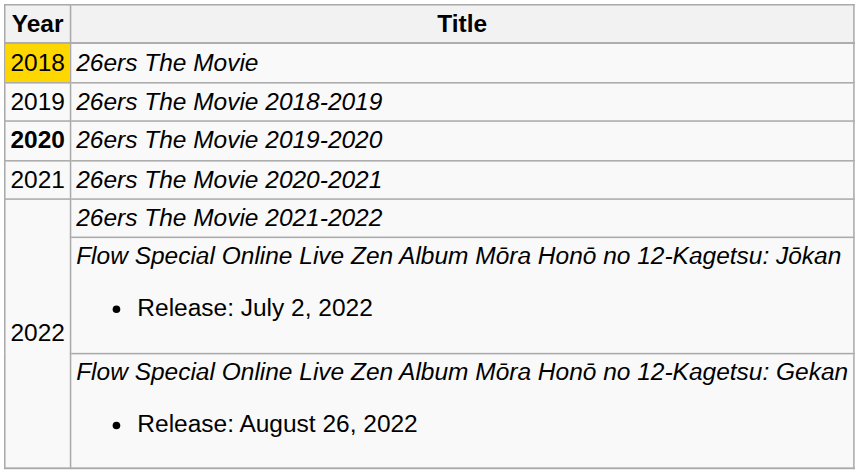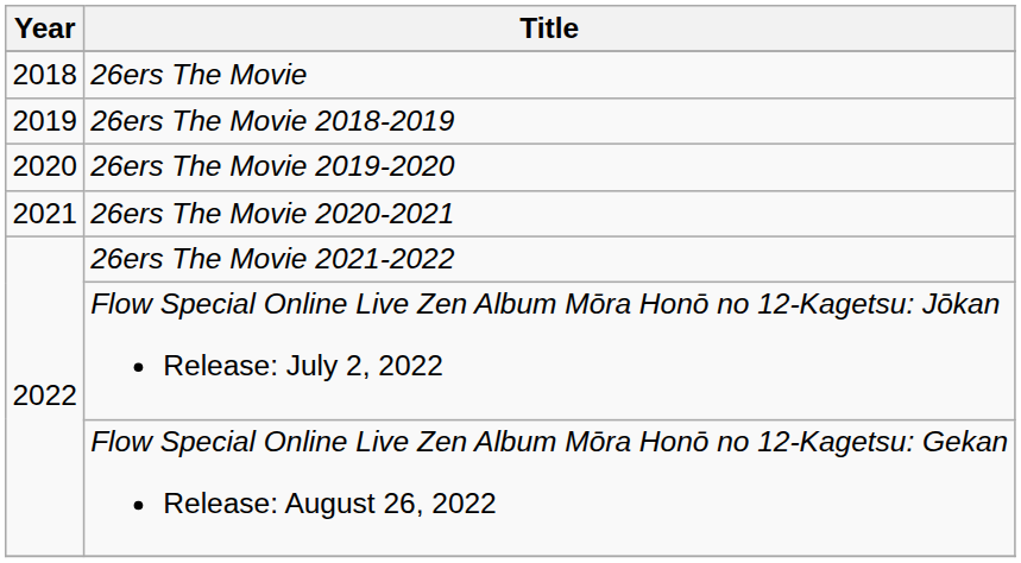 <table class="wikitable">
 <tr>
 <th>Year</th>
 <th>Title</th>
 </tr>
 <tr style="font-size:smaller;">
 </tr>
 <tr>
-<td style="background: gold;">2018</td>
+<td>2018</td>
 <td align="left"><em>26ers The Movie</em></td>
 </tr>
 <tr>
 <td>2019</td>
 <td align="left"><em>26ers The Movie 2018-2019</em></td>
 </tr>
 <tr>
-<td><strong>2020</strong></td>
+<td>2020</td>
 <td align="left"><em>26ers The Movie 2019-2020</em></td>
 </tr>
 <tr>
 <td>2021</td>
 <td align="left"><em>26ers The Movie 2020-2021</em></td>
 </tr>
 <tr>
 <td rowspan=3>2022</td>
 <td align="left"><em>26ers The Movie 2021-2022</em></td>
 </tr>
 <tr>
 <td align="left"><em>Flow Special Online Live Zen Album Mōra Honō no 12-Kagetsu: Jōkan</em><br><ul><li>Release: July 2, 2022</li></ul></td>
 </tr>
 <tr>
 <td align="left"><em>Flow Special Online Live Zen Album Mōra Honō no 12-Kagetsu: Gekan</em><br><ul><li>Release: August 26, 2022</li></ul></td>
 </tr>
 <tr>
 </tr>
 </table>
